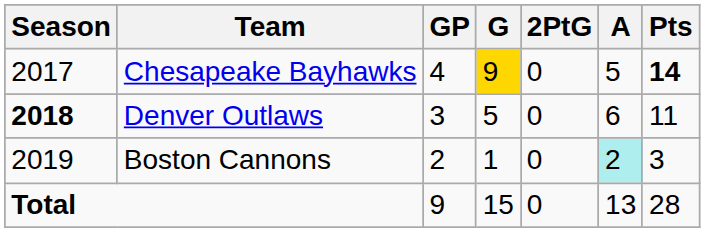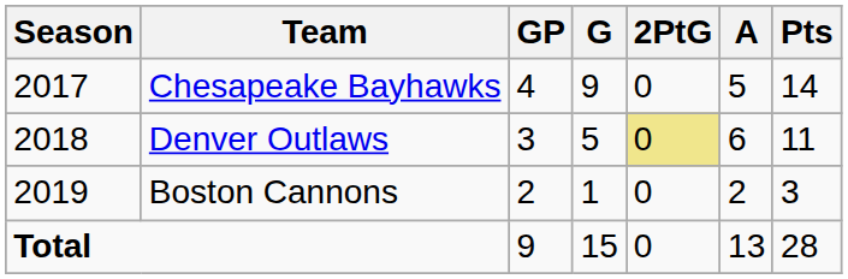 <table class="wikitable">
 <tr>
 <th>Season</th>
 <th>Team</th>
 <th>GP</th>
 <th>G</th>
 <th>2PtG</th>
 <th>A</th>
 <th>Pts</th>
 </tr>
 <tr>
 <td>2017</td>
 <td><a href='#'>Chesapeake Bayhawks</a></td>
 <td>4</td>
-<td style="background: gold;">9</td>
+<td>9</td>
 <td>0</td>
 <td>5</td>
-<td><strong>14</strong></td>
+<td>14</td>
 </tr>
 <tr>
-<td><strong>2018</strong></td>
+<td>2018</td>
 <td><a href='#'>Denver Outlaws</a></td>
 <td>3</td>
 <td>5</td>
-<td>0</td>
+<td style="background: khaki;">0</td>
 <td>6</td>
 <td>11</td>
 </tr>
 <tr>
 <td>2019</td>
 <td>Boston Cannons</td>
 <td>2</td>
 <td>1</td>
 <td>0</td>
-<td style="background: paleturquoise;">2</td>
+<td>2</td>
 <td>3</td>
 </tr>
 <tr>
 <td colspan="2"><strong>Total</strong></td>
 <td>9</td>
 <td>15</td>
 <td>0</td>
 <td>13</td>
 <td>28</td>
 </tr>
 </table>
